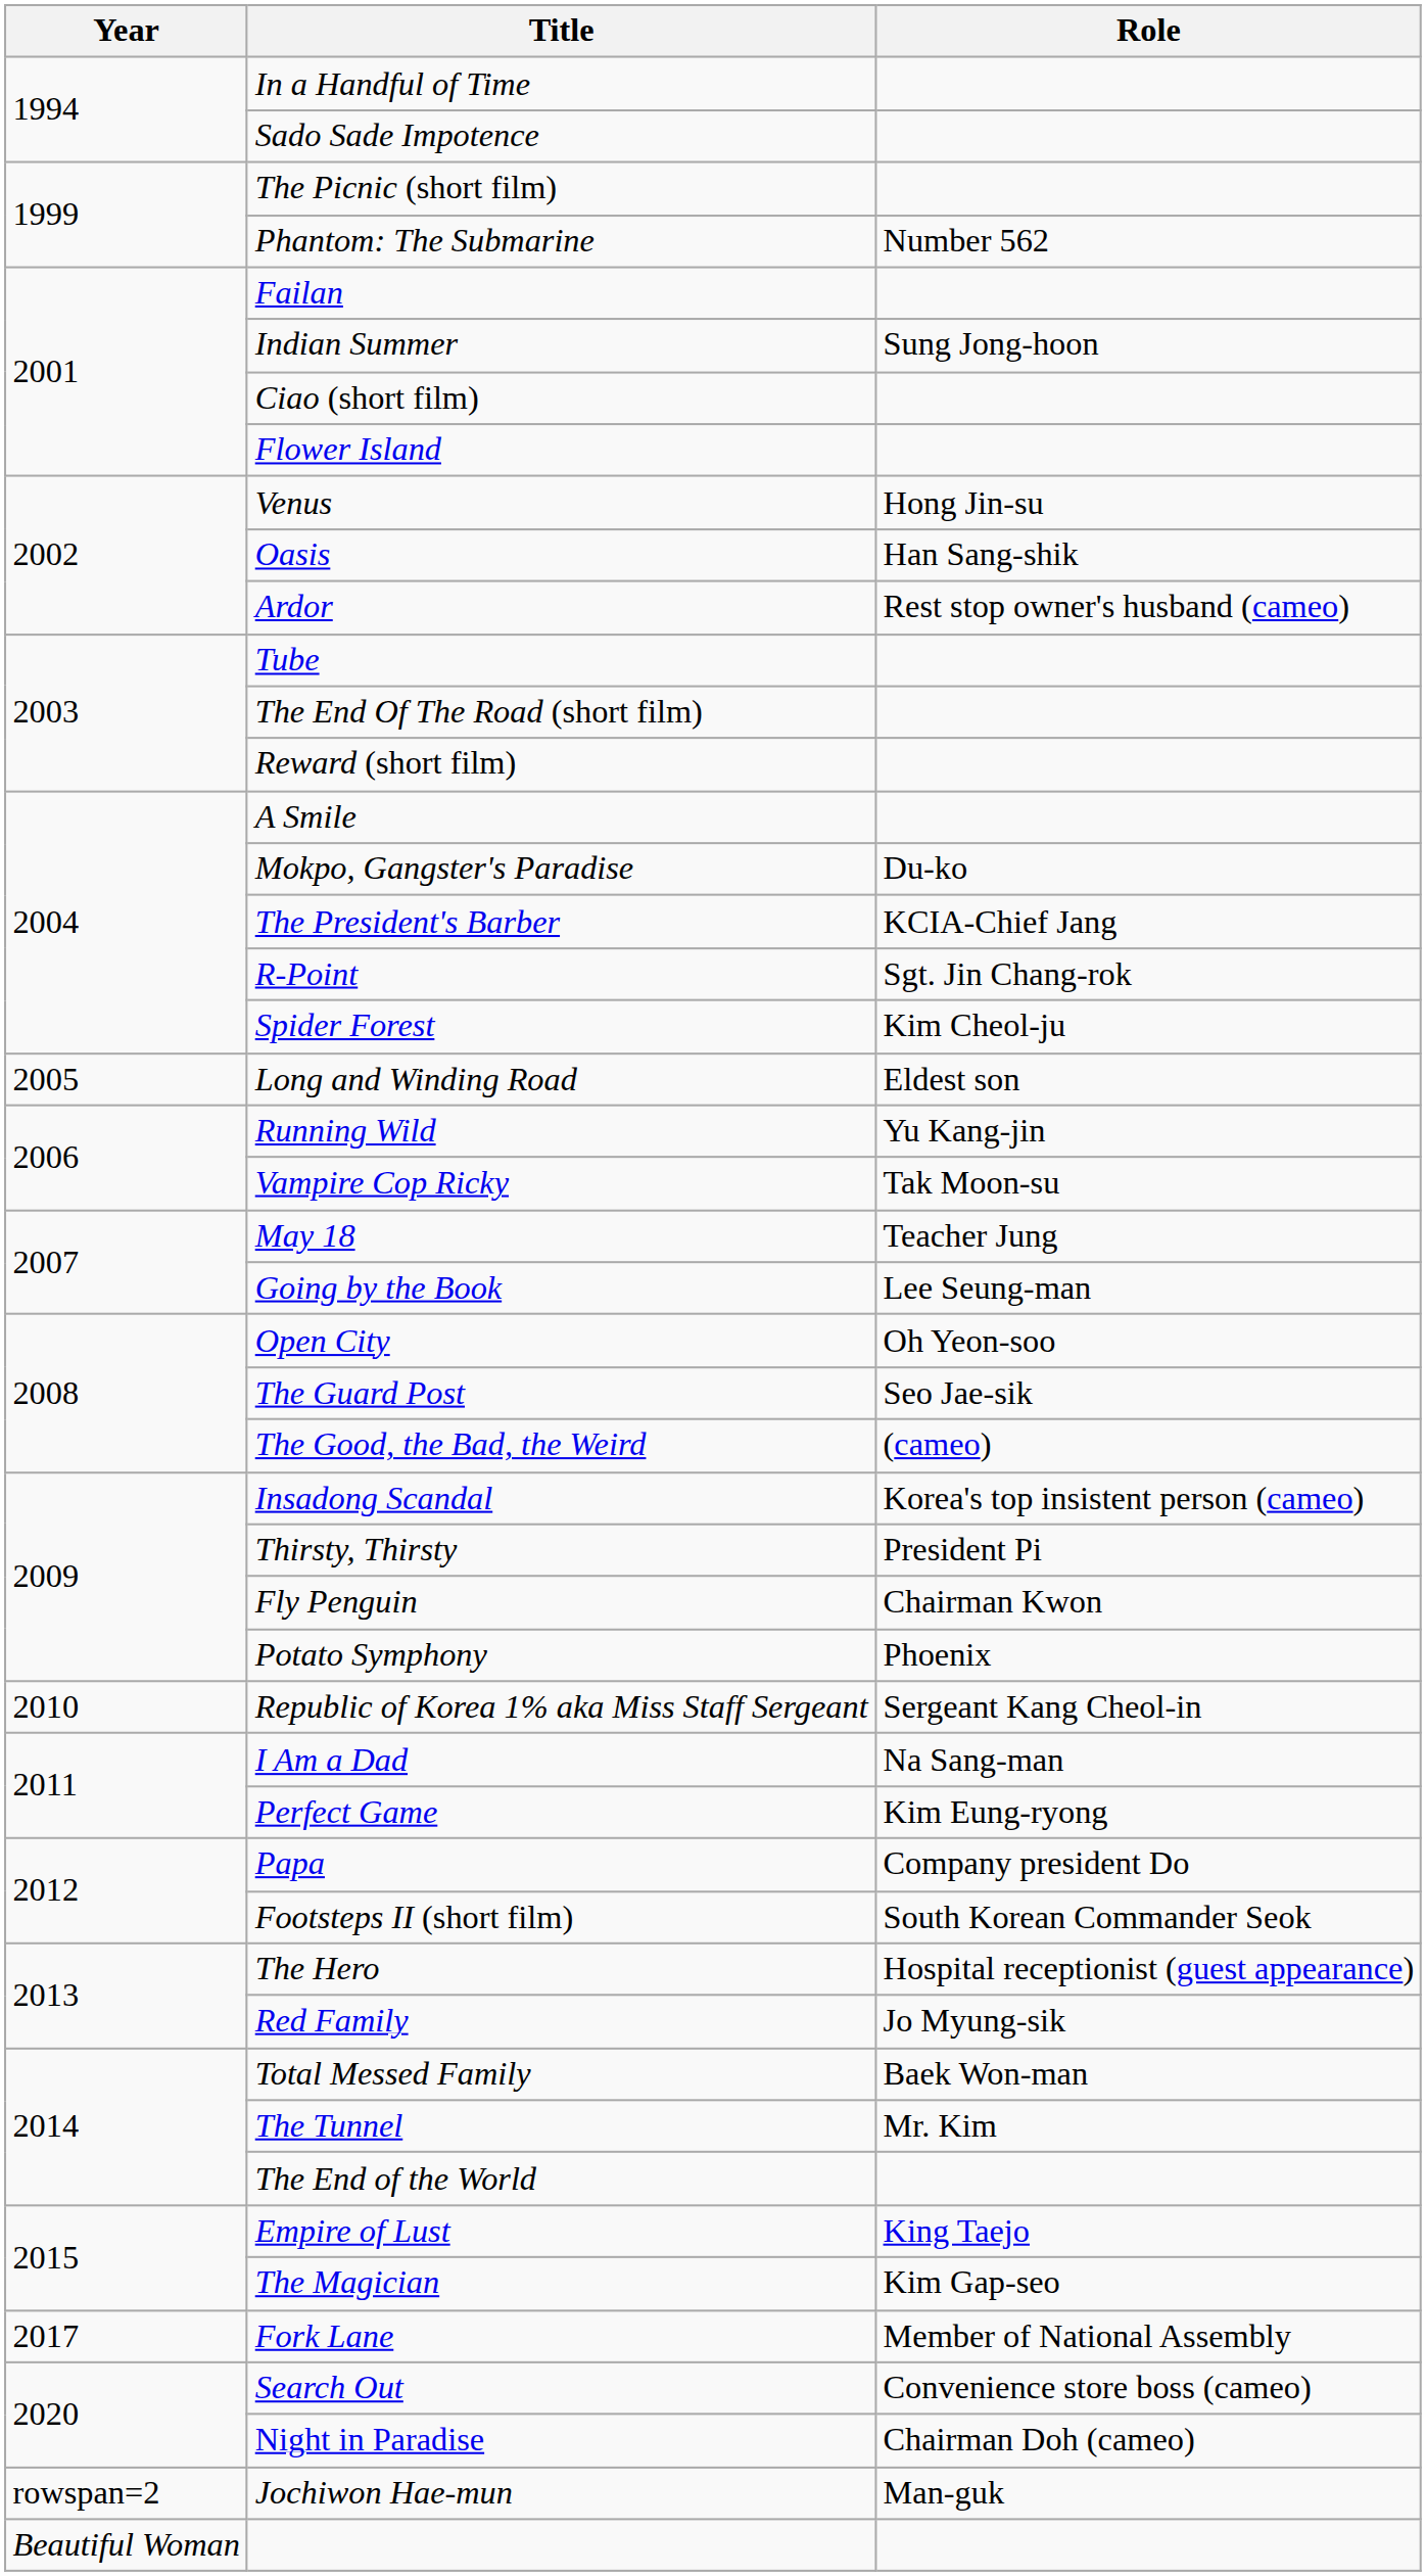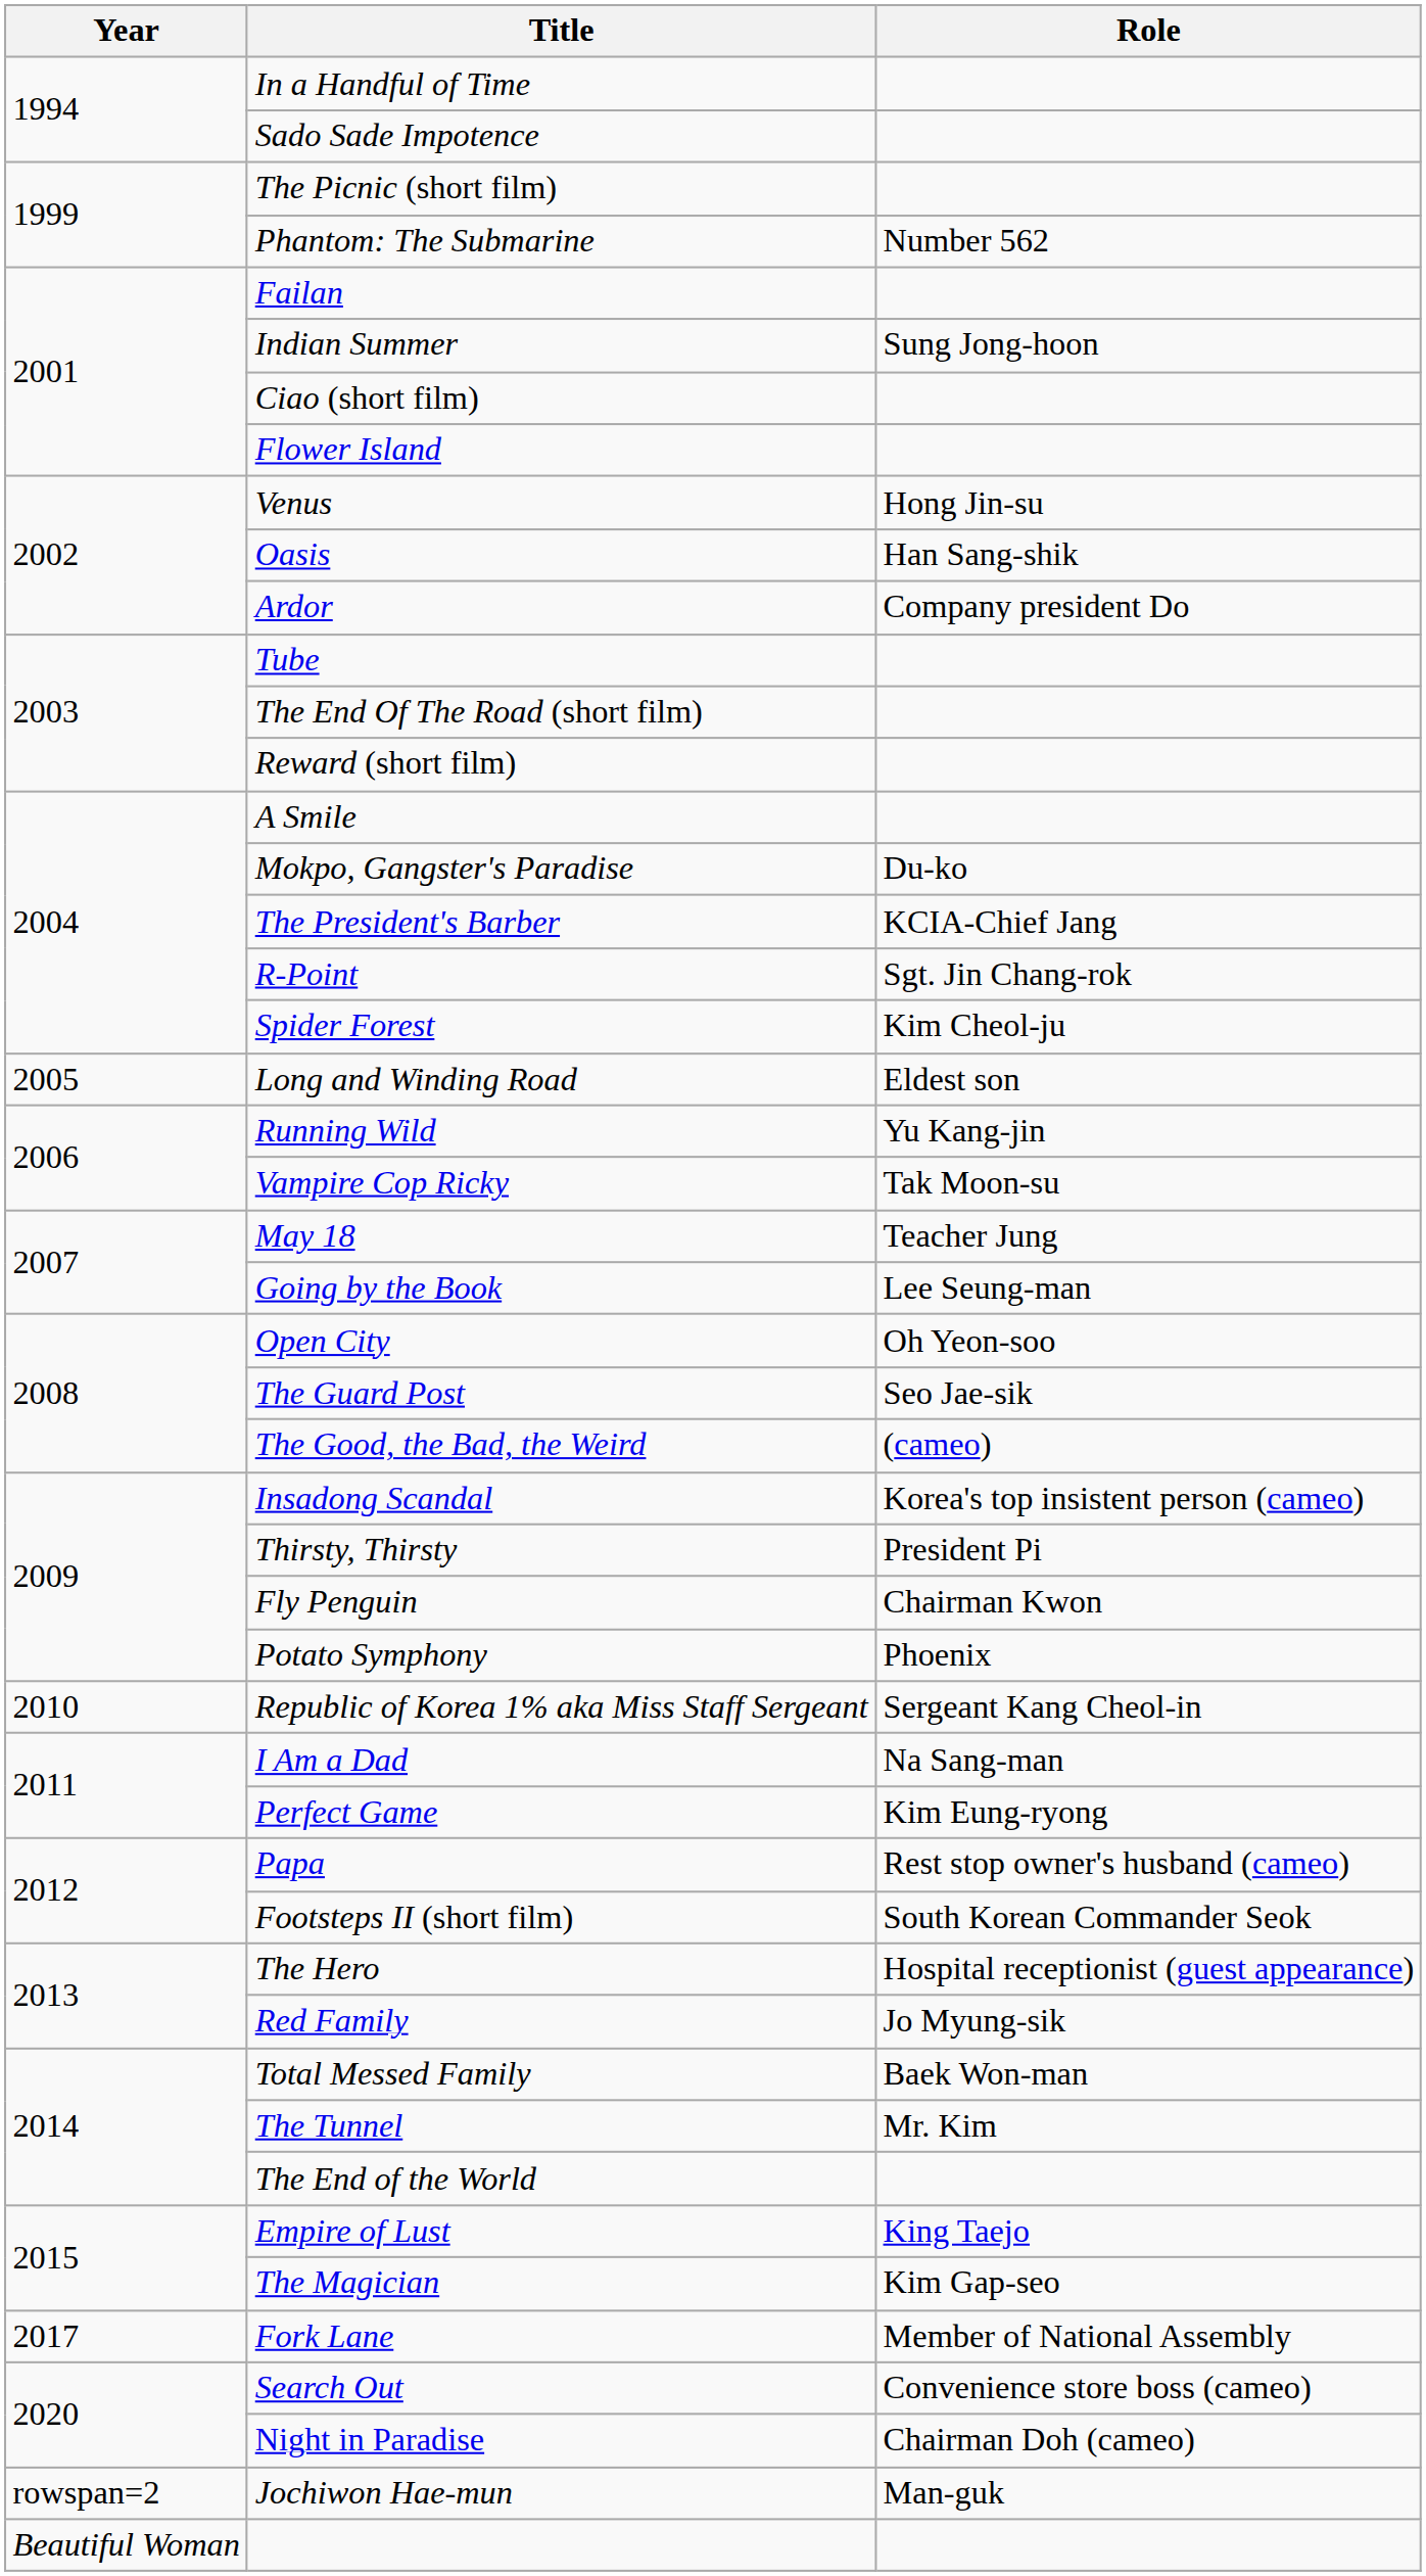 <table class="wikitable sortable">
 <tr>
 <th>Year</th>
 <th>Title</th>
 <th>Role</th>
 </tr>
 <tr>
 <td rowspan=2>1994</td>
 <td><em>In a Handful of Time</em></td>
 <td></td>
 </tr>
 <tr>
 <td><em>Sado Sade Impotence</em></td>
 <td></td>
 </tr>
 <tr>
 <td rowspan=2>1999</td>
 <td><em>The Picnic</em> (short film)</td>
 <td></td>
 </tr>
 <tr>
 <td><em>Phantom: The Submarine</em></td>
 <td>Number 562</td>
 </tr>
 <tr>
 <td rowspan=4>2001</td>
 <td><em><a href='#'>Failan</a></em></td>
 <td></td>
 </tr>
 <tr>
 <td><em>Indian Summer</em></td>
 <td>Sung Jong-hoon</td>
 </tr>
 <tr>
 <td><em>Ciao</em> (short film)</td>
 <td></td>
 </tr>
 <tr>
 <td><em><a href='#'>Flower Island</a></em></td>
 <td></td>
 </tr>
 <tr>
 <td rowspan=3>2002</td>
 <td><em>Venus</em></td>
 <td>Hong Jin-su</td>
 </tr>
 <tr>
 <td><em><a href='#'>Oasis</a></em></td>
 <td>Han Sang-shik</td>
 </tr>
 <tr>
 <td><em><a href='#'>Ardor</a></em></td>
-<td>Rest stop owner's husband (<a href='#'>cameo</a>)</td>
+<td>Company president Do</td>
 </tr>
 <tr>
 <td rowspan=3>2003</td>
 <td><em><a href='#'>Tube</a></em></td>
 <td></td>
 </tr>
 <tr>
 <td><em>The End Of The Road</em> (short film)</td>
 <td></td>
 </tr>
 <tr>
 <td><em>Reward</em> (short film)</td>
 <td></td>
 </tr>
 <tr>
 <td rowspan=5>2004</td>
 <td><em>A Smile</em></td>
 <td></td>
 </tr>
 <tr>
 <td><em>Mokpo, Gangster's Paradise</em></td>
 <td>Du-ko</td>
 </tr>
 <tr>
 <td><em><a href='#'>The President's Barber</a></em></td>
 <td>KCIA-Chief Jang</td>
 </tr>
 <tr>
 <td><em><a href='#'>R-Point</a></em></td>
 <td>Sgt. Jin Chang-rok</td>
 </tr>
 <tr>
 <td><em><a href='#'>Spider Forest</a></em></td>
 <td>Kim Cheol-ju</td>
 </tr>
 <tr>
 <td>2005</td>
 <td><em>Long and Winding Road</em></td>
 <td>Eldest son</td>
 </tr>
 <tr>
 <td rowspan=2>2006</td>
 <td><em><a href='#'>Running Wild</a></em></td>
 <td>Yu Kang-jin</td>
 </tr>
 <tr>
 <td><em><a href='#'>Vampire Cop Ricky</a></em></td>
 <td>Tak Moon-su</td>
 </tr>
 <tr>
 <td rowspan=2>2007</td>
 <td><em><a href='#'>May 18</a></em></td>
 <td>Teacher Jung</td>
 </tr>
 <tr>
 <td><em><a href='#'>Going by the Book</a></em></td>
 <td>Lee Seung-man</td>
 </tr>
 <tr>
 <td rowspan=3>2008</td>
 <td><em><a href='#'>Open City</a></em></td>
 <td>Oh Yeon-soo</td>
 </tr>
 <tr>
 <td><em><a href='#'>The Guard Post</a></em></td>
 <td>Seo Jae-sik</td>
 </tr>
 <tr>
 <td><em><a href='#'>The Good, the Bad, the Weird</a></em></td>
 <td>(<a href='#'>cameo</a>)</td>
 </tr>
 <tr>
 <td rowspan=4>2009</td>
 <td><em><a href='#'>Insadong Scandal</a></em></td>
 <td>Korea's top insistent person (<a href='#'>cameo</a>)</td>
 </tr>
 <tr>
 <td><em>Thirsty, Thirsty</em></td>
 <td>President Pi</td>
 </tr>
 <tr>
 <td><em>Fly Penguin</em></td>
 <td>Chairman Kwon</td>
 </tr>
 <tr>
 <td><em>Potato Symphony</em></td>
 <td>Phoenix</td>
 </tr>
 <tr>
 <td>2010</td>
 <td><em>Republic of Korea 1% aka Miss Staff Sergeant</em></td>
 <td>Sergeant Kang Cheol-in</td>
 </tr>
 <tr>
 <td rowspan=2>2011</td>
 <td><em><a href='#'>I Am a Dad</a></em></td>
 <td>Na Sang-man</td>
 </tr>
 <tr>
 <td><em><a href='#'>Perfect Game</a></em></td>
 <td>Kim Eung-ryong</td>
 </tr>
 <tr>
 <td rowspan=2>2012</td>
 <td><em><a href='#'>Papa</a></em></td>
-<td>Company president Do</td>
+<td>Rest stop owner's husband (<a href='#'>cameo</a>)</td>
 </tr>
 <tr>
 <td><em>Footsteps II</em> (short film)</td>
 <td>South Korean Commander Seok</td>
 </tr>
 <tr>
 <td rowspan=2>2013</td>
 <td><em>The Hero</em></td>
 <td>Hospital receptionist  (<a href='#'>guest appearance</a>)</td>
 </tr>
 <tr>
 <td><em><a href='#'>Red Family</a></em></td>
 <td>Jo Myung-sik</td>
 </tr>
 <tr>
 <td rowspan=3>2014</td>
 <td><em>Total Messed Family</em></td>
 <td>Baek Won-man</td>
 </tr>
 <tr>
 <td><em><a href='#'>The Tunnel</a></em></td>
 <td>Mr. Kim</td>
 </tr>
 <tr>
 <td><em>The End of the World</em></td>
 <td></td>
 </tr>
 <tr>
 <td rowspan=2>2015</td>
 <td><em><a href='#'>Empire of Lust</a></em></td>
 <td><a href='#'>King Taejo</a></td>
 </tr>
 <tr>
 <td><em><a href='#'>The Magician</a></em></td>
 <td>Kim Gap-seo</td>
 </tr>
 <tr>
 <td>2017</td>
 <td><em><a href='#'>Fork Lane</a></em></td>
 <td>Member of National Assembly</td>
 </tr>
 <tr>
 <td rowspan="2">2020</td>
 <td><em><a href='#'>Search Out</a></em></td>
 <td>Convenience store boss (cameo)</td>
 </tr>
 <tr>
 <td><a href='#'>Night in Paradise</a></td>
 <td>Chairman Doh (cameo)</td>
 </tr>
 <tr>
 <td>rowspan=2 </td>
 <td><em>Jochiwon Hae-mun</em></td>
 <td>Man-guk</td>
 </tr>
 <tr>
 <td><em>Beautiful Woman</em></td>
 <td></td>
 </tr>
 </table>
